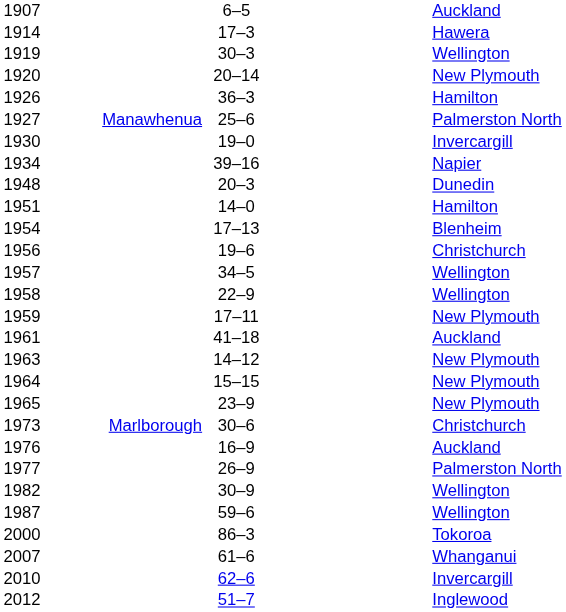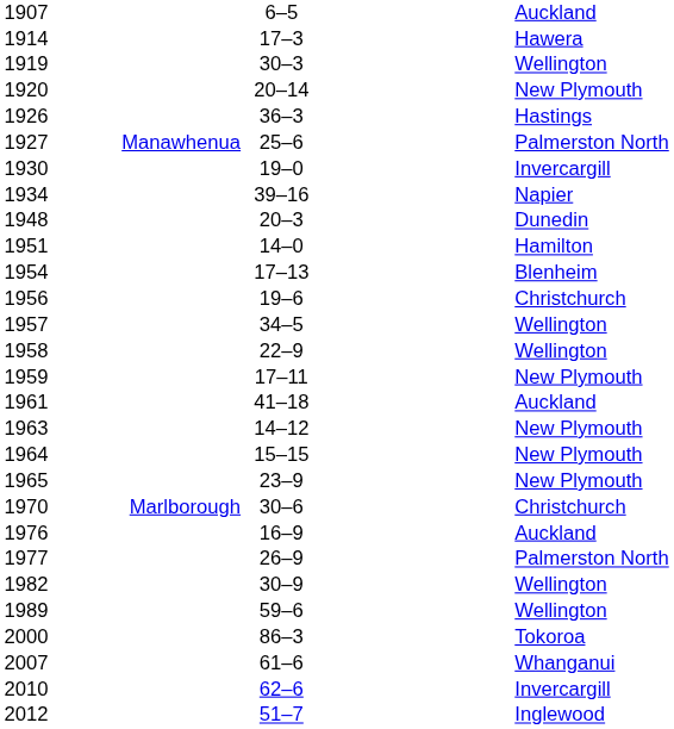 <table style="width:100%;style=font-size:90%" cellspacing="1">
 <tr>
 <th width=15%></th>
 <th width=25%></th>
 <th width=10%></th>
 <th width=25%></th>
 </tr>
 <tr>
 <td align=right>1907</td>
 <td align=right> </td>
 <td align=center>6–5</td>
 <td> </td>
 <td><a href='#'>Auckland</a></td>
 </tr>
 <tr>
 <td align=right>1914</td>
 <td align=right> </td>
 <td align=center>17–3</td>
 <td> </td>
 <td><a href='#'>Hawera</a></td>
 </tr>
 <tr>
 <td align=right>1919</td>
 <td align=right> </td>
 <td align=center>30–3</td>
 <td> </td>
 <td><a href='#'>Wellington</a></td>
 </tr>
 <tr>
 <td align=right>1920</td>
 <td align=right> </td>
 <td align=center>20–14</td>
 <td> </td>
 <td><a href='#'>New Plymouth</a></td>
 </tr>
 <tr>
 <td align=right>1926</td>
 <td align=right> </td>
 <td align=center>36–3</td>
 <td> </td>
-<td><a href='#'>Hamilton</a></td>
+<td><a href='#'>Hastings</a></td>
 </tr>
 <tr>
 <td align=right>1927</td>
 <td align=right><a href='#'>Manawhenua</a> </td>
 <td align=center>25–6</td>
 <td> </td>
 <td><a href='#'>Palmerston North</a></td>
 </tr>
 <tr>
 <td align=right>1930</td>
 <td align=right> </td>
 <td align=center>19–0</td>
 <td> </td>
 <td><a href='#'>Invercargill</a></td>
 </tr>
 <tr>
 <td align=right>1934</td>
 <td align=right> </td>
 <td align=center>39–16</td>
 <td> </td>
 <td><a href='#'>Napier</a></td>
 </tr>
 <tr>
 <td align=right>1948</td>
 <td align=right> </td>
 <td align=center>20–3</td>
 <td> </td>
 <td><a href='#'>Dunedin</a></td>
 </tr>
 <tr>
 <td align=right>1951</td>
 <td align=right> </td>
 <td align=center>14–0</td>
 <td> </td>
 <td><a href='#'>Hamilton</a></td>
 </tr>
 <tr>
 <td align=right>1954</td>
 <td align=right> </td>
 <td align=center>17–13</td>
 <td> </td>
 <td><a href='#'>Blenheim</a></td>
 </tr>
 <tr>
 <td align=right>1956</td>
 <td align=right> </td>
 <td align=center>19–6</td>
 <td> </td>
 <td><a href='#'>Christchurch</a></td>
 </tr>
 <tr>
 <td align=right>1957</td>
 <td align=right> </td>
 <td align=center>34–5</td>
 <td> </td>
 <td><a href='#'>Wellington</a></td>
 </tr>
 <tr>
 <td align=right>1958</td>
 <td align=right> </td>
 <td align=center>22–9</td>
 <td> </td>
 <td><a href='#'>Wellington</a></td>
 </tr>
 <tr>
 <td align=right>1959</td>
 <td align=right> </td>
 <td align=center>17–11</td>
 <td> </td>
 <td><a href='#'>New Plymouth</a></td>
 </tr>
 <tr>
 <td align=right>1961</td>
 <td align=right> </td>
 <td align=center>41–18</td>
 <td> </td>
 <td><a href='#'>Auckland</a></td>
 </tr>
 <tr>
 <td align=right>1963</td>
 <td align=right> </td>
 <td align=center>14–12</td>
 <td> </td>
 <td><a href='#'>New Plymouth</a></td>
 </tr>
 <tr>
 <td align=right>1964</td>
 <td align=right> </td>
 <td align=center>15–15</td>
 <td> </td>
 <td><a href='#'>New Plymouth</a></td>
 </tr>
 <tr>
 <td align=right>1965</td>
 <td align=right> </td>
 <td align=center>23–9</td>
 <td> </td>
 <td><a href='#'>New Plymouth</a></td>
 </tr>
 <tr>
-<td align=right>1973</td>
+<td align=right>1970</td>
 <td align=right><a href='#'>Marlborough</a> </td>
 <td align=center>30–6</td>
 <td> </td>
 <td><a href='#'>Christchurch</a></td>
 </tr>
 <tr>
 <td align=right>1976</td>
 <td align=right> </td>
 <td align=center>16–9</td>
 <td> </td>
 <td><a href='#'>Auckland</a></td>
 </tr>
 <tr>
 <td align=right>1977</td>
 <td align=right> </td>
 <td align=center>26–9</td>
 <td> </td>
 <td><a href='#'>Palmerston North</a></td>
 </tr>
 <tr>
 <td align=right>1982</td>
 <td align=right> </td>
 <td align=center>30–9</td>
 <td> </td>
 <td><a href='#'>Wellington</a></td>
 </tr>
 <tr>
-<td align=right>1987</td>
+<td align=right>1989</td>
 <td align=right> </td>
 <td align=center>59–6</td>
 <td> </td>
 <td><a href='#'>Wellington</a></td>
 </tr>
 <tr>
 <td align=right>2000</td>
 <td align=right> </td>
 <td align=center>86–3</td>
 <td> </td>
 <td><a href='#'>Tokoroa</a></td>
 </tr>
 <tr>
 <td align=right>2007</td>
 <td align=right> </td>
 <td align=center>61–6</td>
 <td> </td>
 <td><a href='#'>Whanganui</a></td>
 </tr>
 <tr>
 <td align=right>2010</td>
 <td align=right> </td>
 <td align=center><a href='#'>62–6</a></td>
 <td> </td>
 <td><a href='#'>Invercargill</a></td>
 </tr>
 <tr>
 <td align=right>2012</td>
 <td align=right> </td>
 <td align=center><a href='#'>51–7</a></td>
 <td> </td>
 <td><a href='#'>Inglewood</a></td>
 </tr>
 </table>
